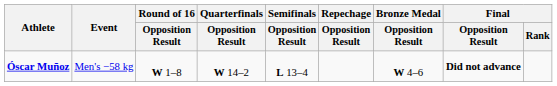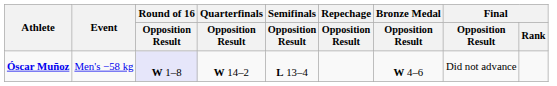 <table class="wikitable" style="font-size:90%">
 <tr>
 <th rowspan="2">Athlete</th>
 <th rowspan="2">Event</th>
 <th>Round of 16</th>
 <th>Quarterfinals</th>
 <th>Semifinals</th>
 <th>Repechage</th>
 <th>Bronze Medal</th>
 <th colspan=2>Final</th>
 </tr>
 <tr style="font-size:95%">
 <th>Opposition<br>Result</th>
 <th>Opposition<br>Result</th>
 <th>Opposition<br>Result</th>
 <th>Opposition<br>Result</th>
 <th>Opposition<br>Result</th>
 <th>Opposition<br>Result</th>
 <th>Rank</th>
 </tr>
 <tr align=center>
 <td align=left><strong><a href='#'>Óscar Muñoz</a></strong></td>
 <td align=left><a href='#'>Men's −58 kg</a></td>
-<td><br><strong>W</strong> 1–8</td>
+<td style="background: lavender;"><br><strong>W</strong> 1–8</td>
 <td><br><strong>W</strong> 14–2 </td>
 <td><br><strong>L</strong> 13–4</td>
 <td></td>
 <td><br><strong>W</strong> 4–6</td>
-<td><strong>Did not advance</strong></td>
+<td>Did not advance</td>
 <td></td>
 </tr>
 </table>
